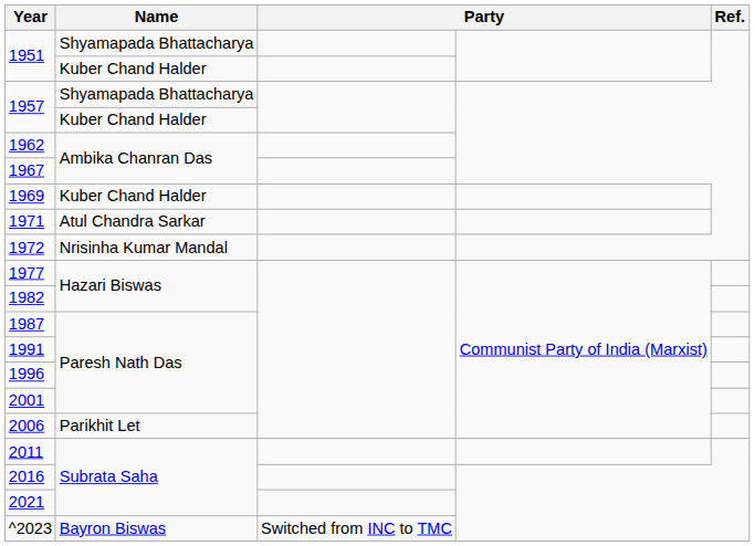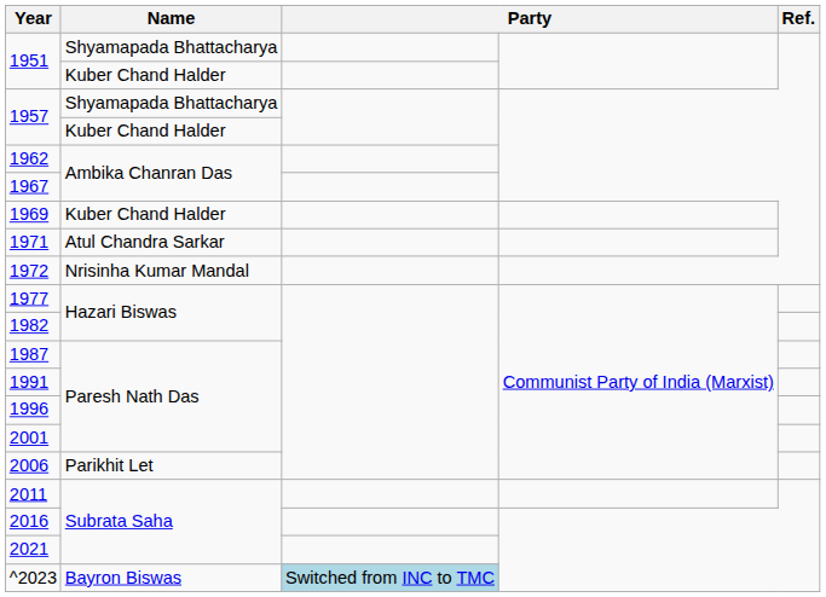 <table class="wikitable sortable">
 <tr>
 <th>Year</th>
 <th>Name</th>
 <th colspan=2>Party</th>
 <th>Ref.</th>
 </tr>
 <tr>
 <td rowspan="2"><a href='#'>1951</a></td>
 <td>Shyamapada Bhattacharya</td>
 <td></td>
 <td rowspan="2"></td>
 </tr>
 <tr>
 <td>Kuber Chand Halder</td>
 </tr>
 <tr>
 <td rowspan="2"><a href='#'>1957</a></td>
 <td>Shyamapada Bhattacharya</td>
 <td rowspan="2"></td>
 </tr>
 <tr>
 <td>Kuber Chand Halder</td>
 </tr>
 <tr>
 <td><a href='#'>1962</a></td>
 <td rowspan="2">Ambika Chanran Das</td>
 <td></td>
 </tr>
 <tr>
 <td><a href='#'>1967</a></td>
 <td></td>
 </tr>
 <tr>
 <td><a href='#'>1969</a></td>
 <td>Kuber Chand Halder</td>
 <td></td>
 <td></td>
 </tr>
 <tr>
 <td><a href='#'>1971</a></td>
 <td>Atul Chandra Sarkar</td>
 <td></td>
 <td></td>
 </tr>
 <tr>
 <td><a href='#'>1972</a></td>
 <td>Nrisinha Kumar Mandal</td>
 <td></td>
 </tr>
 <tr>
 <td><a href='#'>1977</a></td>
 <td rowspan="2">Hazari Biswas</td>
 <td rowspan="7" bgcolor=></td>
 <td rowspan="7"><a href='#'>Communist Party of India (Marxist)</a></td>
 <td></td>
 </tr>
 <tr>
 <td><a href='#'>1982</a></td>
 <td></td>
 </tr>
 <tr>
 <td><a href='#'>1987</a></td>
 <td rowspan="4">Paresh Nath Das</td>
 <td></td>
 </tr>
 <tr>
 <td><a href='#'>1991</a></td>
 <td></td>
 </tr>
 <tr>
 <td><a href='#'>1996</a></td>
 <td></td>
 </tr>
 <tr>
 <td><a href='#'>2001</a></td>
 <td></td>
 </tr>
 <tr>
 <td><a href='#'>2006</a></td>
 <td>Parikhit Let</td>
 <td></td>
 </tr>
 <tr>
 <td><a href='#'>2011</a></td>
 <td rowspan="3"><a href='#'>Subrata Saha</a></td>
 <td></td>
 <td></td>
 </tr>
 <tr>
 <td><a href='#'>2016</a></td>
 <td></td>
 </tr>
 <tr>
 <td><a href='#'>2021</a></td>
 <td></td>
 </tr>
 <tr>
 <td>^2023</td>
 <td><a href='#'>Bayron Biswas</a></td>
-<td>Switched from <a href='#'>INC</a> to <a href='#'>TMC</a></td>
+<td style="background: lightblue;">Switched from <a href='#'>INC</a> to <a href='#'>TMC</a></td>
 </tr>
 </table>
